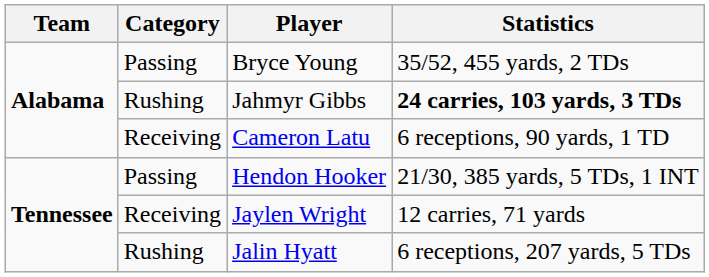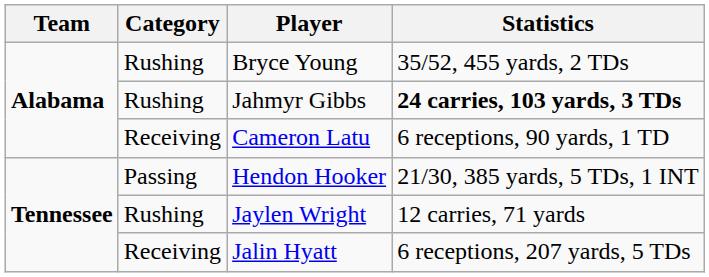 <table class="wikitable" style="float: right;">
 <tr>
 <th>Team</th>
 <th>Category</th>
 <th>Player</th>
 <th>Statistics</th>
 </tr>
 <tr>
 <td rowspan=3><strong>Alabama</strong></td>
-<td>Passing</td>
+<td>Rushing</td>
 <td>Bryce Young</td>
 <td>35/52, 455 yards, 2 TDs</td>
 </tr>
 <tr>
 <td>Rushing</td>
 <td>Jahmyr Gibbs</td>
 <td><strong>24 carries, 103 yards, 3 TDs</strong></td>
 </tr>
 <tr>
 <td>Receiving</td>
 <td><a href='#'>Cameron Latu</a></td>
 <td>6 receptions, 90 yards, 1 TD</td>
 </tr>
 <tr>
 <td rowspan=3><strong>Tennessee</strong></td>
 <td>Passing</td>
 <td><a href='#'>Hendon Hooker</a></td>
 <td>21/30, 385 yards, 5 TDs, 1 INT</td>
 </tr>
 <tr>
-<td>Receiving</td>
+<td>Rushing</td>
 <td><a href='#'>Jaylen Wright</a></td>
 <td>12 carries, 71 yards</td>
 </tr>
 <tr>
-<td>Rushing</td>
+<td>Receiving</td>
 <td><a href='#'>Jalin Hyatt</a></td>
 <td>6 receptions, 207 yards, 5 TDs</td>
 </tr>
 </table>
